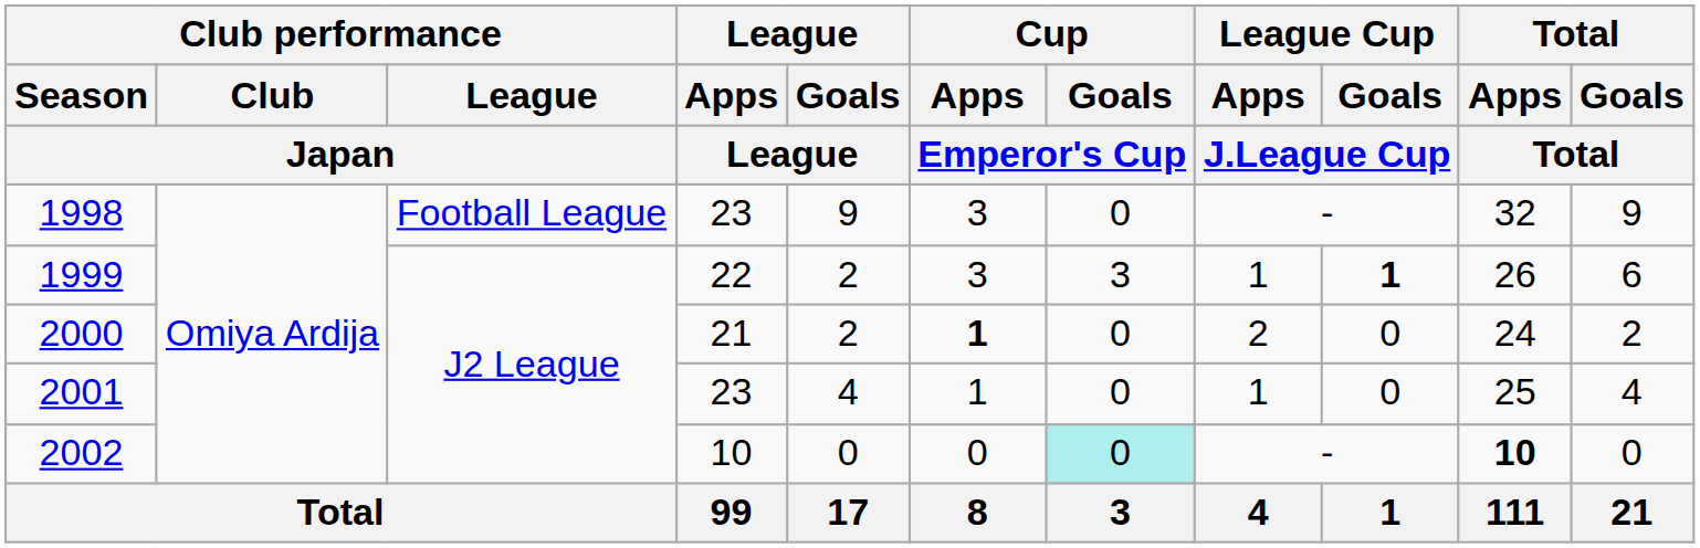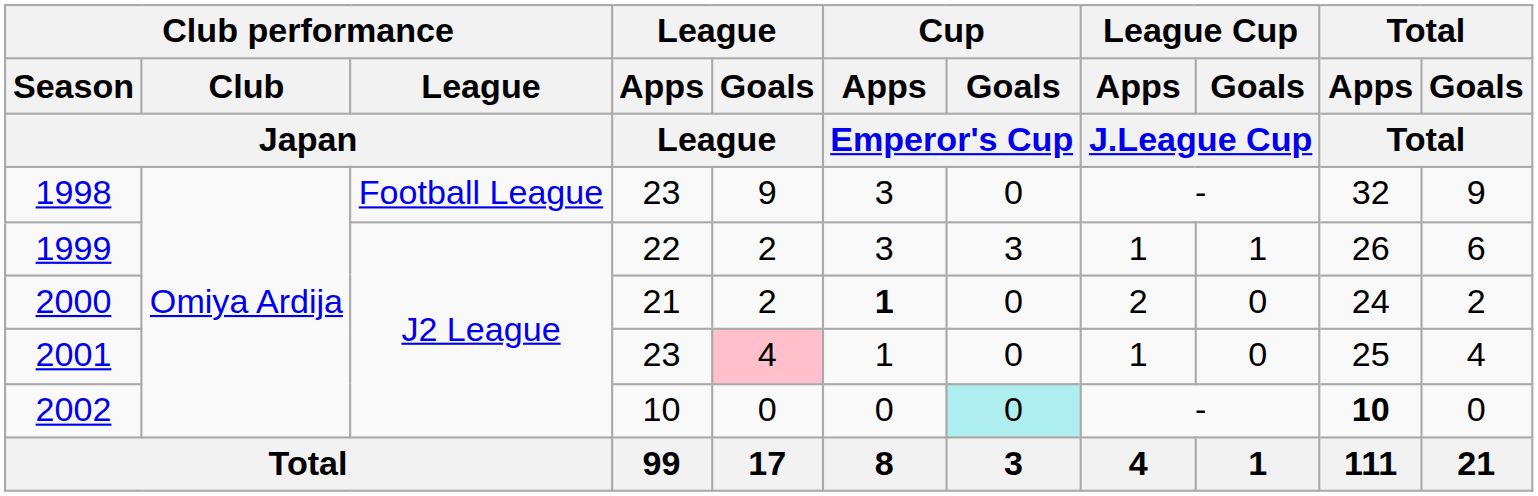 <table class="wikitable" style="text-align:center;">
 <tr>
 <th colspan=3>Club performance</th>
 <th colspan=2>League</th>
 <th colspan=2>Cup</th>
 <th colspan=2>League Cup</th>
 <th colspan=2>Total</th>
 </tr>
 <tr>
 <th>Season</th>
 <th>Club</th>
 <th>League</th>
 <th>Apps</th>
 <th>Goals</th>
 <th>Apps</th>
 <th>Goals</th>
 <th>Apps</th>
 <th>Goals</th>
 <th>Apps</th>
 <th>Goals</th>
 </tr>
 <tr>
 <th colspan=3>Japan</th>
 <th colspan=2>League</th>
 <th colspan=2><a href='#'>Emperor's Cup</a></th>
 <th colspan=2><a href='#'>J.League Cup</a></th>
 <th colspan=2>Total</th>
 </tr>
 <tr>
 <td><a href='#'>1998</a></td>
 <td rowspan=5><a href='#'>Omiya Ardija</a></td>
 <td><a href='#'>Football League</a></td>
 <td>23</td>
 <td>9</td>
 <td>3</td>
 <td>0</td>
 <td colspan=2>-</td>
 <td>32</td>
 <td>9</td>
 </tr>
 <tr>
 <td><a href='#'>1999</a></td>
 <td rowspan=4><a href='#'>J2 League</a></td>
 <td>22</td>
 <td>2</td>
 <td>3</td>
 <td>3</td>
 <td>1</td>
-<td><strong>1</strong></td>
+<td>1</td>
 <td>26</td>
 <td>6</td>
 </tr>
 <tr>
 <td><a href='#'>2000</a></td>
 <td>21</td>
 <td>2</td>
 <td><strong>1</strong></td>
 <td>0</td>
 <td>2</td>
 <td>0</td>
 <td>24</td>
 <td>2</td>
 </tr>
 <tr>
 <td><a href='#'>2001</a></td>
 <td>23</td>
-<td>4</td>
+<td style="background: pink;">4</td>
 <td>1</td>
 <td>0</td>
 <td>1</td>
 <td>0</td>
 <td>25</td>
 <td>4</td>
 </tr>
 <tr>
 <td><a href='#'>2002</a></td>
 <td>10</td>
 <td>0</td>
 <td>0</td>
 <td style="background: paleturquoise;">0</td>
 <td colspan=2>-</td>
 <td><strong>10</strong></td>
 <td>0</td>
 </tr>
 <tr>
 <th colspan=3>Total</th>
 <th>99</th>
 <th>17</th>
 <th>8</th>
 <th>3</th>
 <th>4</th>
 <th>1</th>
 <th>111</th>
 <th>21</th>
 </tr>
 </table>
